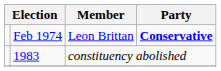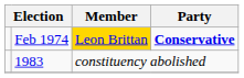 <table class="wikitable">
 <tr>
 <th colspan="2">Election</th>
 <th>Member</th>
 <th>Party</th>
 </tr>
 <tr>
 <td style="color:inherit;background-color: "></td>
 <td><a href='#'>Feb 1974</a></td>
-<td><a href='#'>Leon Brittan</a></td>
+<td style="background: gold;"><a href='#'>Leon Brittan</a></td>
 <td><strong><a href='#'>Conservative</a></strong></td>
 </tr>
 <tr>
 <td></td>
 <td><a href='#'>1983</a></td>
 <td colspan="2"><em>constituency abolished</em></td>
 </tr>
 <tr>
 </tr>
 </table>
